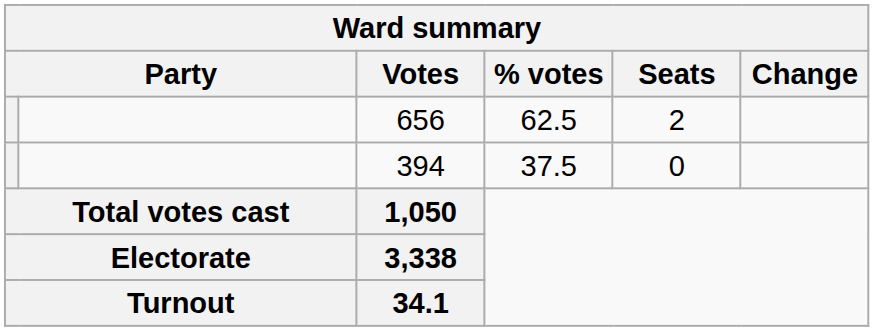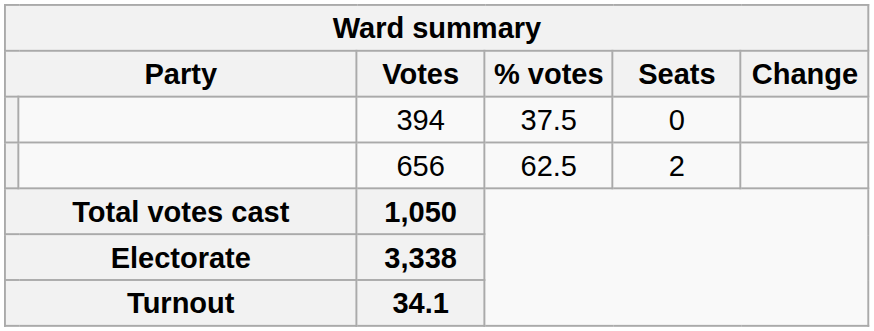 <table class="wikitable" style="font-size: 95%;">
 <tr style="background-color:#E9E9E9">
 <th colspan="6">Ward summary</th>
 </tr>
 <tr style="background-color:#E9E9E9">
 <th colspan="2">Party</th>
 <th style="width: 60px">Votes</th>
 <th style="width: 60px">% votes</th>
 <th style="width: 60px">Seats</th>
 <th style="width: 60px">Change</th>
 </tr>
 <tr>
 <th style="background-color: "></th>
 <td style="width: 170px"><a href='#'></a></td>
-<td align="center">656</td>
-<td align="center">62.5</td>
-<td align="center">2</td>
+<td align="center">394</td>
+<td align="center">37.5</td>
+<td align="center">0</td>
 <td align="center"></td>
 </tr>
 <tr>
 <th style="background-color: "></th>
 <td style="width: 170px"><a href='#'></a></td>
-<td align="center">394</td>
-<td align="center">37.5</td>
-<td align="center">0</td>
+<td align="center">656</td>
+<td align="center">62.5</td>
+<td align="center">2</td>
 <td align="center"></td>
 </tr>
 <tr style="background-color:#E9E9E9">
 <th colspan="2">Total votes cast</th>
 <th style="width: 60px">1,050</th>
 </tr>
 <tr style="background-color:#E9E9E9">
 <th colspan="2">Electorate</th>
 <th style="width: 60px">3,338</th>
 </tr>
 <tr style="background-color:#E9E9E9">
 <th colspan="2">Turnout</th>
 <th style="width: 60px">34.1</th>
 </tr>
 </table>
